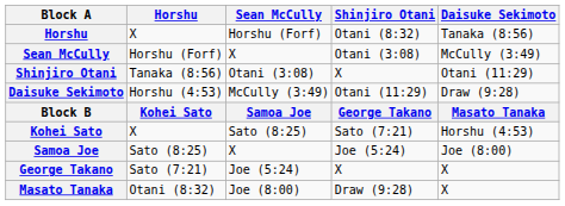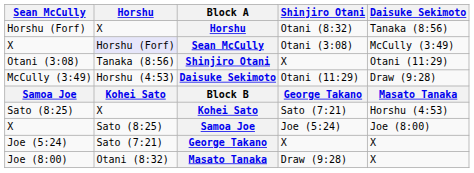 <table class="wikitable" style="margin: 1em auto 1em auto">
 <tr>
+<th><a href='#'>Sean McCully</a></th>
+<th><a href='#'>Horshu</a></th>
 <th>Block A</th>
-<th><a href='#'>Horshu</a></th>
-<th><a href='#'>Sean McCully</a></th>
 <th><a href='#'>Shinjiro Otani</a></th>
 <th><a href='#'>Daisuke Sekimoto</a></th>
 </tr>
 <tr>
+<td>Horshu (Forf)</td>
+<td>X</td>
 <th><a href='#'>Horshu</a></th>
-<td>X</td>
-<td>Horshu (Forf)</td>
 <td>Otani (8:32)</td>
 <td>Tanaka (8:56)</td>
 </tr>
 <tr>
+<td>X</td>
+<td style="background: lavender;">Horshu (Forf)</td>
 <th><a href='#'>Sean McCully</a></th>
-<td>Horshu (Forf)</td>
-<td>X</td>
 <td>Otani (3:08)</td>
 <td>McCully (3:49)</td>
 </tr>
 <tr>
+<td>Otani (3:08)</td>
+<td>Tanaka (8:56)</td>
 <th><a href='#'>Shinjiro Otani</a></th>
-<td>Tanaka (8:56)</td>
-<td>Otani (3:08)</td>
 <td>X</td>
 <td>Otani (11:29)</td>
 </tr>
 <tr>
+<td>McCully (3:49)</td>
+<td>Horshu (4:53)</td>
 <th><a href='#'>Daisuke Sekimoto</a></th>
-<td>Horshu (4:53)</td>
-<td>McCully (3:49)</td>
 <td>Otani (11:29)</td>
 <td>Draw (9:28)</td>
 </tr>
 <tr>
+<th><a href='#'>Samoa Joe</a></th>
+<th><a href='#'>Kohei Sato</a></th>
 <th>Block B</th>
-<th><a href='#'>Kohei Sato</a></th>
-<th><a href='#'>Samoa Joe</a></th>
 <th><a href='#'>George Takano</a></th>
 <th><a href='#'>Masato Tanaka</a></th>
 </tr>
 <tr>
+<td>Sato (8:25)</td>
+<td>X</td>
 <th><a href='#'>Kohei Sato</a></th>
-<td>X</td>
-<td>Sato (8:25)</td>
 <td>Sato (7:21)</td>
 <td>Horshu (4:53)</td>
 </tr>
 <tr>
+<td>X</td>
+<td>Sato (8:25)</td>
 <th><a href='#'>Samoa Joe</a></th>
-<td>Sato (8:25)</td>
-<td>X</td>
 <td>Joe (5:24)</td>
 <td>Joe (8:00)</td>
 </tr>
 <tr>
+<td>Joe (5:24)</td>
+<td>Sato (7:21)</td>
 <th><a href='#'>George Takano</a></th>
-<td>Sato (7:21)</td>
-<td>Joe (5:24)</td>
 <td>X</td>
 <td>X</td>
 </tr>
 <tr>
+<td>Joe (8:00)</td>
+<td>Otani (8:32)</td>
 <th><a href='#'>Masato Tanaka</a></th>
-<td>Otani (8:32)</td>
-<td>Joe (8:00)</td>
 <td>Draw (9:28)</td>
 <td>X</td>
 </tr>
 </table>
